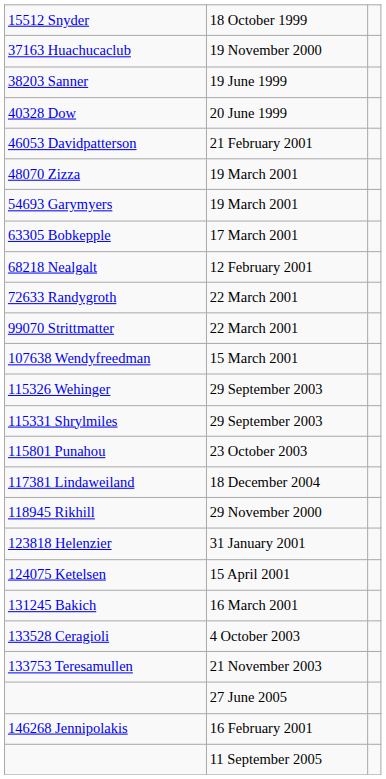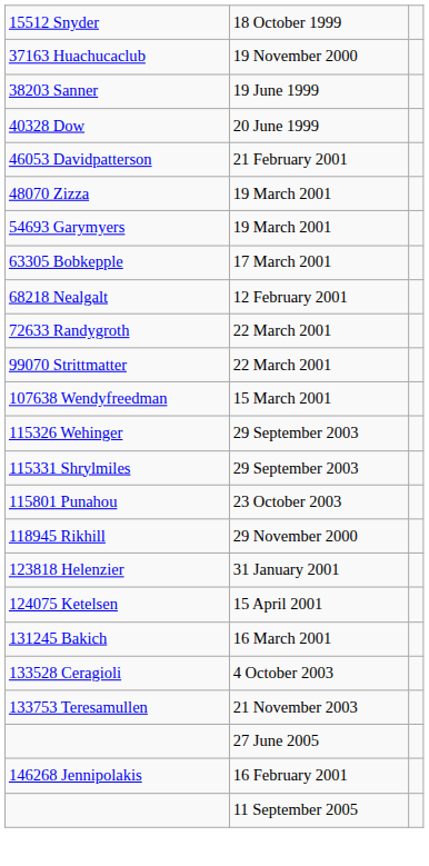 <table class="wikitable" style="font-size: 89%; float: left; width: 26em; margin-right: 1em; line-height: 1.65em !important; height: 675px;">
 <tr>
 <td><a href='#'>15512 Snyder</a></td>
 <td>18 October 1999</td>
 <td> </td>
 </tr>
 <tr>
 <td><a href='#'>37163 Huachucaclub</a></td>
 <td>19 November 2000</td>
 <td> </td>
 </tr>
 <tr>
 <td><a href='#'>38203 Sanner</a></td>
 <td>19 June 1999</td>
 <td> </td>
 </tr>
 <tr>
 <td><a href='#'>40328 Dow</a></td>
 <td>20 June 1999</td>
 <td></td>
 </tr>
 <tr>
 <td><a href='#'>46053 Davidpatterson</a></td>
 <td>21 February 2001</td>
 <td></td>
 </tr>
 <tr>
 <td><a href='#'>48070 Zizza</a></td>
 <td>19 March 2001</td>
 <td></td>
 </tr>
 <tr>
 <td><a href='#'>54693 Garymyers</a></td>
 <td>19 March 2001</td>
 <td></td>
 </tr>
 <tr>
 <td><a href='#'>63305 Bobkepple</a></td>
 <td>17 March 2001</td>
 <td></td>
 </tr>
 <tr>
 <td><a href='#'>68218 Nealgalt</a></td>
 <td>12 February 2001</td>
 <td></td>
 </tr>
 <tr>
 <td><a href='#'>72633 Randygroth</a></td>
 <td>22 March 2001</td>
 <td></td>
 </tr>
 <tr>
 <td><a href='#'>99070 Strittmatter</a></td>
 <td>22 March 2001</td>
 <td></td>
 </tr>
 <tr>
 <td><a href='#'>107638 Wendyfreedman</a></td>
 <td>15 March 2001</td>
 <td></td>
 </tr>
 <tr>
 <td><a href='#'>115326 Wehinger</a></td>
 <td>29 September 2003</td>
 <td></td>
 </tr>
 <tr>
 <td><a href='#'>115331 Shrylmiles</a></td>
 <td>29 September 2003</td>
 <td></td>
 </tr>
 <tr>
 <td><a href='#'>115801 Punahou</a></td>
 <td>23 October 2003</td>
 <td></td>
 </tr>
 <tr>
-<td><a href='#'>117381 Lindaweiland</a></td>
-<td>18 December 2004</td>
-<td></td>
-</tr>
-<tr>
 <td><a href='#'>118945 Rikhill</a></td>
 <td>29 November 2000</td>
 <td></td>
 </tr>
 <tr>
 <td><a href='#'>123818 Helenzier</a></td>
 <td>31 January 2001</td>
 <td></td>
 </tr>
 <tr>
 <td><a href='#'>124075 Ketelsen</a></td>
 <td>15 April 2001</td>
 <td></td>
 </tr>
 <tr>
 <td><a href='#'>131245 Bakich</a></td>
 <td>16 March 2001</td>
 <td></td>
 </tr>
 <tr>
 <td><a href='#'>133528 Ceragioli</a></td>
 <td>4 October 2003</td>
 <td></td>
 </tr>
 <tr>
 <td><a href='#'>133753 Teresamullen</a></td>
 <td>21 November 2003</td>
 <td></td>
 </tr>
 <tr>
 <td></td>
 <td>27 June 2005</td>
 <td></td>
 </tr>
 <tr>
 <td><a href='#'>146268 Jennipolakis</a></td>
 <td>16 February 2001</td>
 <td></td>
 </tr>
 <tr>
 <td></td>
 <td>11 September 2005</td>
 <td></td>
 </tr>
 </table>
